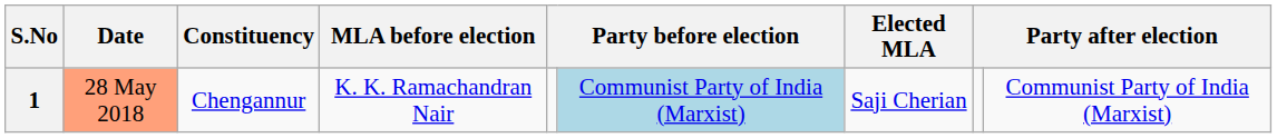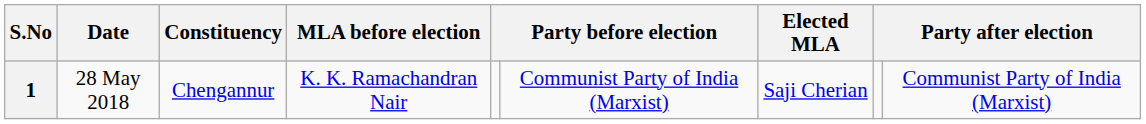 <table class="wikitable sortable" style="text-align:center;">
 <tr>
 <th>S.No</th>
 <th>Date</th>
 <th>Constituency</th>
 <th>MLA before election</th>
 <th colspan="2">Party before election</th>
 <th>Elected MLA</th>
 <th colspan="2">Party after election</th>
 </tr>
 <tr>
 <th>1</th>
-<td style="background: lightsalmon;">28 May 2018</td>
+<td>28 May 2018</td>
 <td><a href='#'>Chengannur</a></td>
 <td><a href='#'>K. K. Ramachandran Nair</a></td>
 <td></td>
-<td style="background: lightblue;"><a href='#'>Communist Party of India (Marxist)</a></td>
+<td><a href='#'>Communist Party of India (Marxist)</a></td>
 <td><a href='#'>Saji Cherian</a></td>
 <td></td>
 <td><a href='#'>Communist Party of India (Marxist)</a></td>
 </tr>
 </table>
